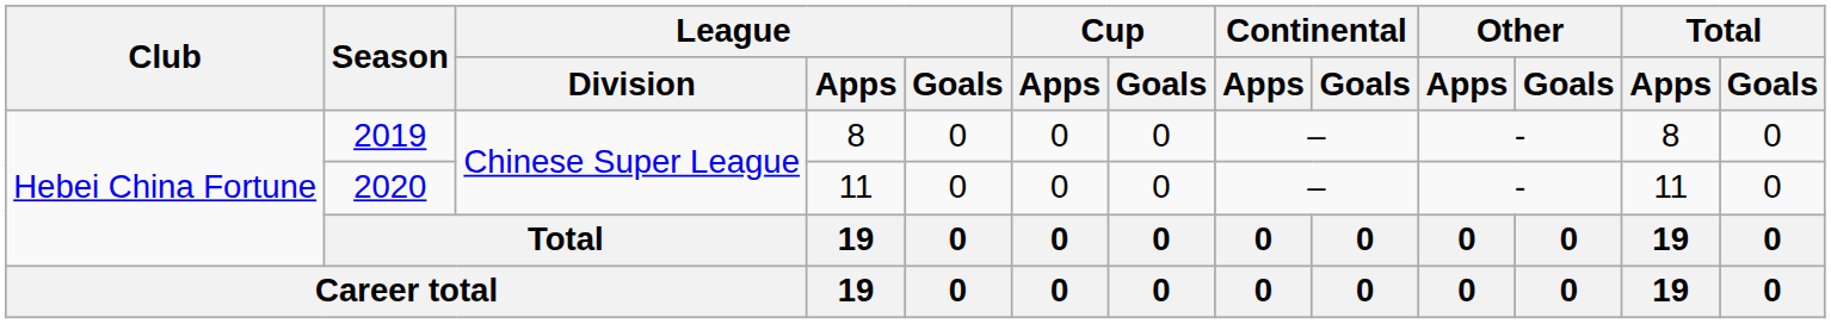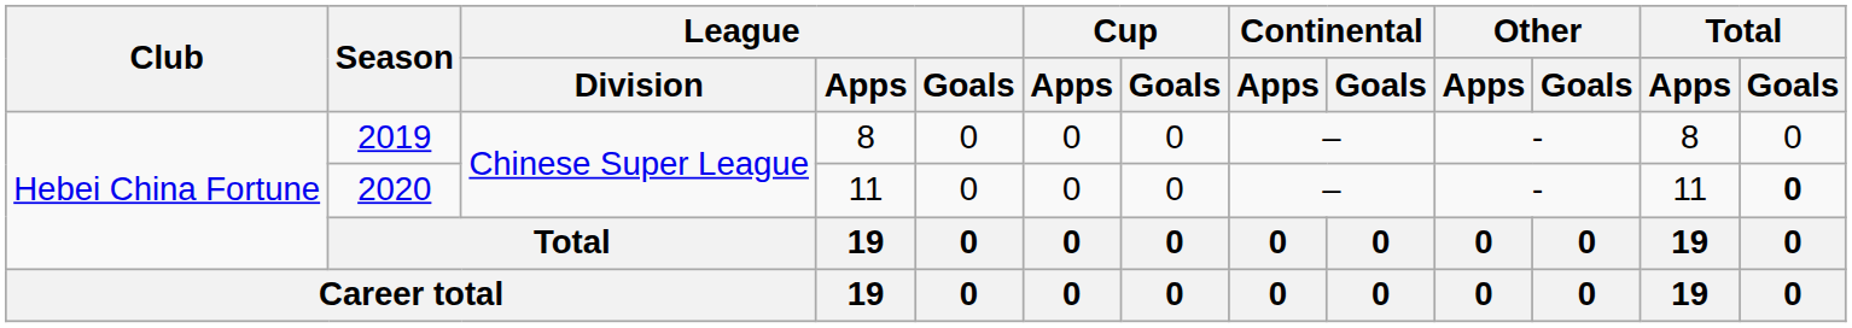 <table class="wikitable" style="text-align: center">
 <tr>
 <th rowspan="2">Club</th>
 <th rowspan="2">Season</th>
 <th colspan="3">League</th>
 <th colspan="2">Cup</th>
 <th colspan="2">Continental</th>
 <th colspan="2">Other</th>
 <th colspan="2">Total</th>
 </tr>
 <tr>
 <th>Division</th>
 <th>Apps</th>
 <th>Goals</th>
 <th>Apps</th>
 <th>Goals</th>
 <th>Apps</th>
 <th>Goals</th>
 <th>Apps</th>
 <th>Goals</th>
 <th>Apps</th>
 <th>Goals</th>
 </tr>
 <tr>
 <td rowspan=3><a href='#'>Hebei China Fortune</a></td>
 <td><a href='#'>2019</a></td>
 <td rowspan=2><a href='#'>Chinese Super League</a></td>
 <td>8</td>
 <td>0</td>
 <td>0</td>
 <td>0</td>
 <td colspan="2">–</td>
 <td colspan="2">-</td>
 <td>8</td>
 <td>0</td>
 </tr>
 <tr>
 <td><a href='#'>2020</a></td>
 <td>11</td>
 <td>0</td>
 <td>0</td>
 <td>0</td>
 <td colspan="2">–</td>
 <td colspan="2">-</td>
 <td>11</td>
-<td>0</td>
+<td><strong>0</strong></td>
 </tr>
 <tr>
 <th colspan=2>Total</th>
 <th>19</th>
 <th>0</th>
 <th>0</th>
 <th>0</th>
 <th>0</th>
 <th>0</th>
 <th>0</th>
 <th>0</th>
 <th>19</th>
 <th>0</th>
 </tr>
 <tr>
 <th colspan=3>Career total</th>
 <th>19</th>
 <th>0</th>
 <th>0</th>
 <th>0</th>
 <th>0</th>
 <th>0</th>
 <th>0</th>
 <th>0</th>
 <th>19</th>
 <th>0</th>
 </tr>
 </table>
